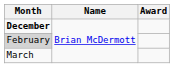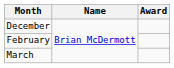 <table class="wikitable" style="text-align:left; border:1px #aaa solid; font-size:95%;">
 <tr>
 <th>Month</th>
 <th>Name</th>
 <th>Award</th>
 </tr>
 <tr>
-<td><strong>December</strong></td>
+<td>December</td>
 <td rowspan=3><a href='#'>Brian McDermott</a></td>
 <td></td>
 </tr>
 <tr>
-<td style="background: lightgrey;">February</td>
+<td>February</td>
 <td></td>
 </tr>
 <tr>
 <td>March</td>
 <td></td>
 </tr>
 </table>
